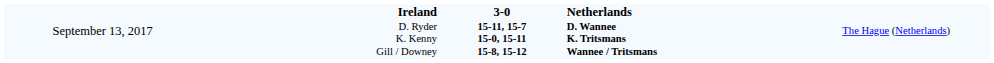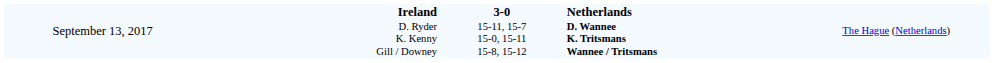 <table style="width: 100%; background:#F5FAFF;" cellspacing="0">
 <tr>
 <td align=center rowspan=3 width=20%>September 13, 2017<br></td>
 </tr>
 <tr>
 <td width=24% align=right><strong>Ireland</strong></td>
 <td align=center width=13%><strong>3-0</strong></td>
 <td width=24%><strong>Netherlands</strong></td>
 <td style=font-size:85% rowspan=3 valign=middle align=center><a href='#'>The Hague</a> (<a href='#'>Netherlands</a>)</td>
 </tr>
 <tr style=font-size:85%>
 <td align=right valign=top>D. Ryder<br>K. Kenny<br>Gill / Downey</td>
-<td align=center><strong>15-11, 15-7<br>15-0, 15-11<br>15-8, 15-12</strong></td>
+<td align=center>15-11, 15-7<br>15-0, 15-11<br>15-8, 15-12</td>
 <td><strong>D. Wannee<br>K. Tritsmans<br>Wannee / Tritsmans</strong></td>
 </tr>
 </table>
